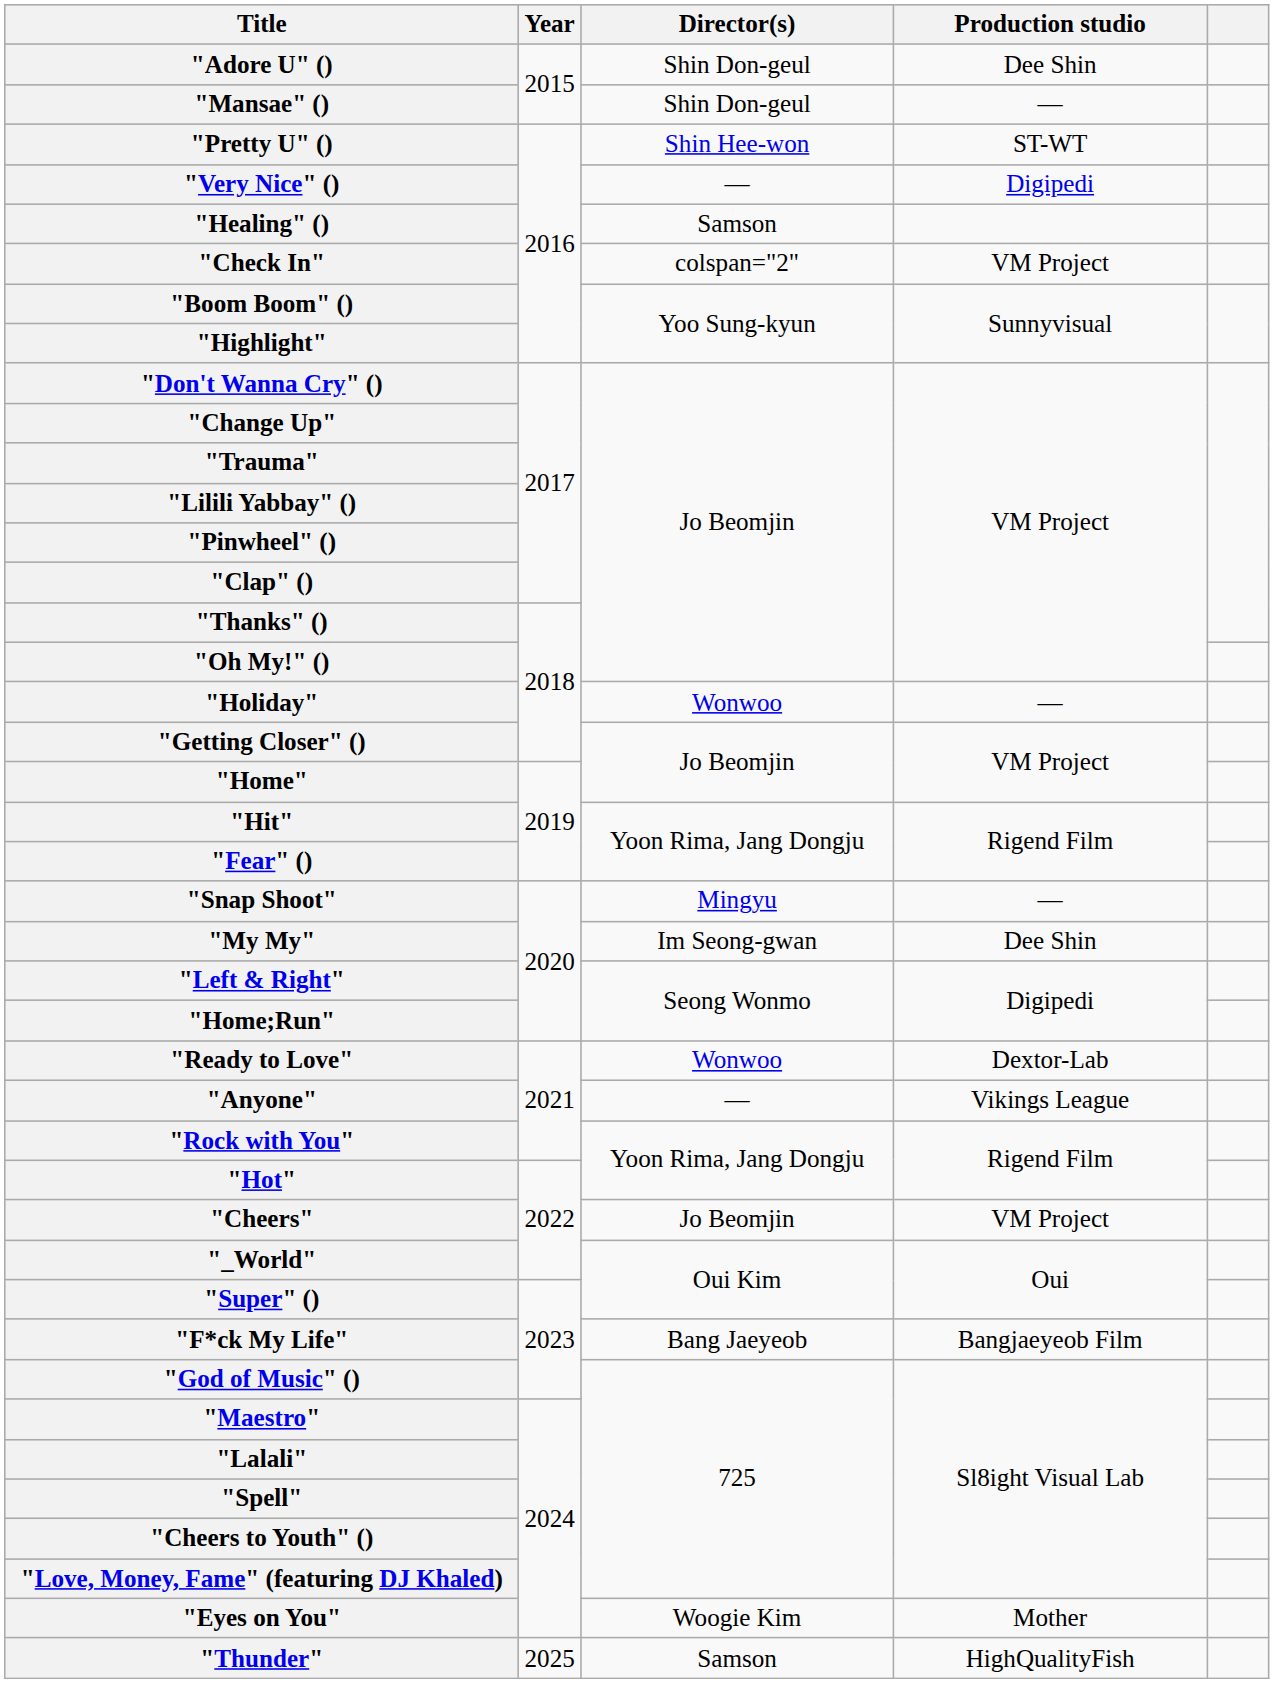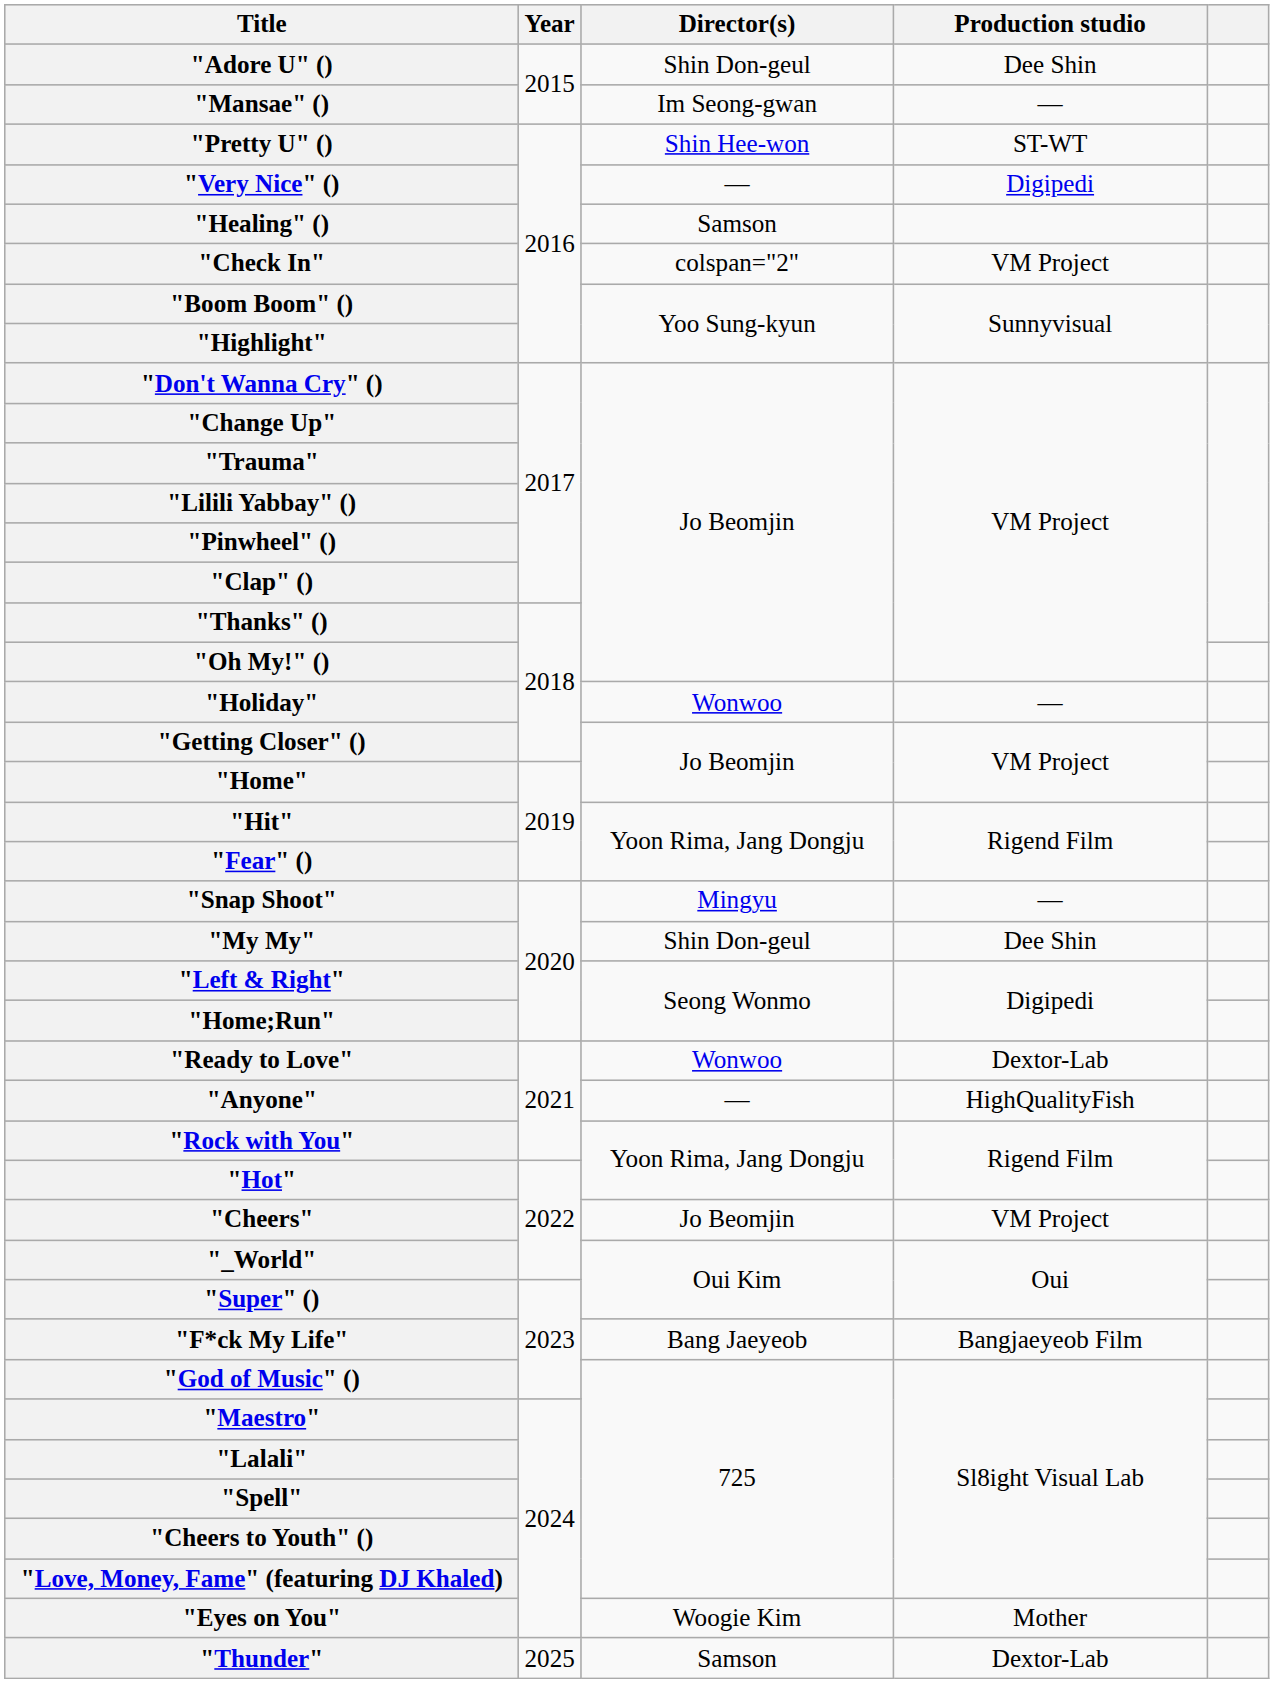 <table class="wikitable sortable plainrowheaders" style="text-align:center;">
 <tr>
 <th scope="col" style="width:20em;">Title</th>
 <th scope="col" style="width:2em;">Year</th>
 <th scope="col" style="width:12em;">Director(s)</th>
 <th scope="col" style="width:12em;">Production studio</th>
 <th scope="col" style="width:2em;" class="unsortable"></th>
 </tr>
 <tr>
 <th scope="row">"Adore U" ()</th>
 <td rowspan="2">2015</td>
 <td>Shin Don-geul</td>
 <td>Dee Shin</td>
 <td></td>
 </tr>
 <tr>
 <th scope="row">"Mansae" ()</th>
-<td>Shin Don-geul</td>
+<td>Im Seong-gwan</td>
 <td>—</td>
 <td></td>
 </tr>
 <tr>
 <th scope="row">"Pretty U" ()</th>
 <td rowspan="6">2016</td>
 <td><a href='#'>Shin Hee-won</a></td>
 <td>ST-WT</td>
 <td></td>
 </tr>
 <tr>
 <th scope="row">"<a href='#'>Very Nice</a>" ()</th>
 <td>—</td>
 <td><a href='#'>Digipedi</a></td>
 <td></td>
 </tr>
 <tr>
 <th scope="row">"Healing" ()</th>
 <td>Samson</td>
 <td></td>
 </tr>
 <tr>
 <th scope="row">"Check In"</th>
 <td>colspan="2" </td>
 <td>VM Project</td>
 <td></td>
 </tr>
 <tr>
 <th scope="row">"Boom Boom" ()</th>
 <td rowspan="2">Yoo Sung-kyun</td>
 <td rowspan="2">Sunnyvisual</td>
 <td rowspan="2"></td>
 </tr>
 <tr>
 <th scope="row">"Highlight"</th>
 </tr>
 <tr>
 <th scope="row">"<a href='#'>Don't Wanna Cry</a>" ()</th>
 <td rowspan="6">2017</td>
 <td rowspan="8">Jo Beomjin</td>
 <td rowspan="8">VM Project</td>
 <td rowspan="7"></td>
 </tr>
 <tr>
 <th scope="row">"Change Up"</th>
 </tr>
 <tr>
 <th scope="row">"Trauma"</th>
 </tr>
 <tr>
 <th scope="row">"Lilili Yabbay" ()</th>
 </tr>
 <tr>
 <th scope="row">"Pinwheel" ()</th>
 </tr>
 <tr>
 <th scope="row">"Clap" ()</th>
 </tr>
 <tr>
 <th scope="row">"Thanks" ()</th>
 <td rowspan="4">2018</td>
 </tr>
 <tr>
 <th scope="row">"Oh My!" ()</th>
 <td></td>
 </tr>
 <tr>
 <th scope="row">"Holiday"</th>
 <td><a href='#'>Wonwoo</a></td>
 <td>—</td>
 <td></td>
 </tr>
 <tr>
 <th scope="row">"Getting Closer" ()</th>
 <td rowspan="2">Jo Beomjin</td>
 <td rowspan="2">VM Project</td>
 <td></td>
 </tr>
 <tr>
 <th scope="row">"Home"</th>
 <td rowspan="3">2019</td>
 <td></td>
 </tr>
 <tr>
 <th scope="row">"Hit"</th>
 <td rowspan="2">Yoon Rima, Jang Dongju</td>
 <td rowspan="2">Rigend Film</td>
 <td></td>
 </tr>
 <tr>
 <th scope="row">"<a href='#'>Fear</a>" ()</th>
 <td></td>
 </tr>
 <tr>
 <th scope="row">"Snap Shoot"</th>
 <td rowspan="4">2020</td>
 <td><a href='#'>Mingyu</a></td>
 <td>—</td>
 <td></td>
 </tr>
 <tr>
 <th scope="row">"My My"</th>
-<td>Im Seong-gwan</td>
+<td>Shin Don-geul</td>
 <td>Dee Shin</td>
 <td></td>
 </tr>
 <tr>
 <th scope="row">"<a href='#'>Left & Right</a>"</th>
 <td rowspan="2">Seong Wonmo</td>
 <td rowspan="2">Digipedi</td>
 <td></td>
 </tr>
 <tr>
 <th scope="row">"Home;Run"</th>
 <td></td>
 </tr>
 <tr>
 <th scope="row">"Ready to Love"</th>
 <td rowspan="3">2021</td>
 <td><a href='#'>Wonwoo</a></td>
 <td>Dextor-Lab</td>
 <td></td>
 </tr>
 <tr>
 <th scope="row">"Anyone"</th>
 <td>—</td>
-<td>Vikings League</td>
+<td>HighQualityFish</td>
 <td></td>
 </tr>
 <tr>
 <th scope="row">"<a href='#'>Rock with You</a>"</th>
 <td rowspan="2">Yoon Rima, Jang Dongju</td>
 <td rowspan="2">Rigend Film</td>
 <td></td>
 </tr>
 <tr>
 <th scope="row">"<a href='#'>Hot</a>"</th>
 <td rowspan="3">2022</td>
 <td></td>
 </tr>
 <tr>
 <th scope="row">"Cheers"</th>
 <td>Jo Beomjin</td>
 <td>VM Project</td>
 <td></td>
 </tr>
 <tr>
 <th scope="row">"_World"</th>
 <td rowspan="2">Oui Kim</td>
 <td rowspan="2">Oui</td>
 <td></td>
 </tr>
 <tr>
 <th scope="row">"<a href='#'>Super</a>" ()</th>
 <td rowspan="3">2023</td>
 <td></td>
 </tr>
 <tr>
 <th scope ="row">"F*ck My Life"</th>
 <td>Bang Jaeyeob</td>
 <td>Bangjaeyeob Film</td>
 <td></td>
 </tr>
 <tr>
 <th scope ="row">"<a href='#'>God of Music</a>" ()</th>
 <td rowspan="6">725</td>
 <td rowspan="6">Sl8ight Visual Lab</td>
 <td></td>
 </tr>
 <tr>
 <th scope="row">"<a href='#'>Maestro</a>"</th>
 <td rowspan="6">2024</td>
 <td></td>
 </tr>
 <tr>
 <th scope ="row">"Lalali"</th>
 <td></td>
 </tr>
 <tr>
 <th scope ="row">"Spell"</th>
 <td></td>
 </tr>
 <tr>
 <th scope ="row">"Cheers to Youth" ()</th>
 <td></td>
 </tr>
 <tr>
 <th scope ="row">"<a href='#'>Love, Money, Fame</a>" (featuring <a href='#'>DJ Khaled</a>)</th>
 <td></td>
 </tr>
 <tr>
 <th scope ="row">"Eyes on You"</th>
 <td>Woogie Kim</td>
 <td>Mother</td>
 <td></td>
 </tr>
 <tr>
 <th scope ="row">"<a href='#'>Thunder</a>"</th>
 <td>2025</td>
 <td>Samson</td>
-<td>HighQualityFish</td>
+<td>Dextor-Lab</td>
 <td></td>
 </tr>
 </table>
